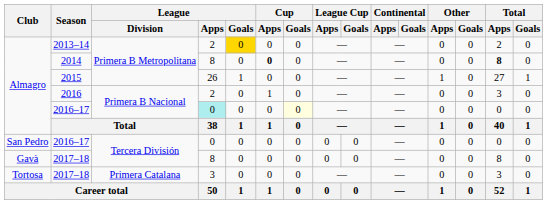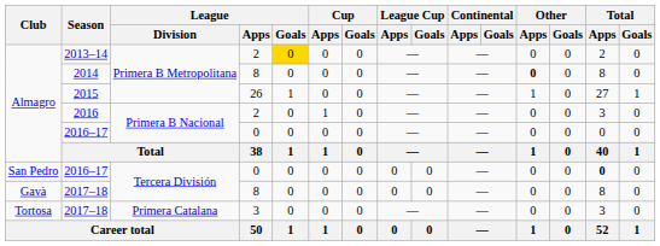 <table class="wikitable" style="text-align:center">
 <tr>
 <th rowspan="2">Club</th>
 <th rowspan="2">Season</th>
 <th colspan="3">League</th>
 <th colspan="2">Cup</th>
 <th colspan="2">League Cup</th>
 <th colspan="2">Continental</th>
 <th colspan="2">Other</th>
 <th colspan="2">Total</th>
 </tr>
 <tr>
 <th>Division</th>
 <th>Apps</th>
 <th>Goals</th>
 <th>Apps</th>
 <th>Goals</th>
 <th>Apps</th>
 <th>Goals</th>
 <th>Apps</th>
 <th>Goals</th>
 <th>Apps</th>
 <th>Goals</th>
 <th>Apps</th>
 <th>Goals</th>
 </tr>
 <tr>
 <td rowspan="6"><a href='#'>Almagro</a></td>
 <td><a href='#'>2013–14</a></td>
 <td rowspan="3"><a href='#'>Primera B Metropolitana</a></td>
 <td>2</td>
 <td style="background: gold;">0</td>
 <td>0</td>
 <td>0</td>
 <td colspan="2">—</td>
 <td colspan="2">—</td>
 <td>0</td>
 <td>0</td>
 <td>2</td>
 <td>0</td>
 </tr>
 <tr>
 <td><a href='#'>2014</a></td>
 <td>8</td>
 <td>0</td>
-<td><strong>0</strong></td>
+<td>0</td>
 <td>0</td>
 <td colspan="2">—</td>
 <td colspan="2">—</td>
+<td><strong>0</strong></td>
 <td>0</td>
-<td>0</td>
-<td><strong>8</strong></td>
+<td>8</td>
 <td>0</td>
 </tr>
 <tr>
 <td><a href='#'>2015</a></td>
 <td>26</td>
 <td>1</td>
 <td>0</td>
 <td>0</td>
 <td colspan="2">—</td>
 <td colspan="2">—</td>
 <td>1</td>
 <td>0</td>
 <td>27</td>
 <td>1</td>
 </tr>
 <tr>
 <td><a href='#'>2016</a></td>
 <td rowspan="2"><a href='#'>Primera B Nacional</a></td>
 <td>2</td>
 <td>0</td>
 <td>1</td>
 <td>0</td>
 <td colspan="2">—</td>
 <td colspan="2">—</td>
 <td>0</td>
 <td>0</td>
 <td>3</td>
 <td>0</td>
 </tr>
 <tr>
 <td><a href='#'>2016–17</a></td>
-<td style="background: paleturquoise;">0</td>
 <td>0</td>
 <td>0</td>
-<td style="background: lightyellow;">0</td>
+<td>0</td>
+<td>0</td>
 <td colspan="2">—</td>
 <td colspan="2">—</td>
 <td>0</td>
 <td>0</td>
 <td>0</td>
 <td>0</td>
 </tr>
 <tr>
 <th colspan="2">Total</th>
 <th>38</th>
 <th>1</th>
 <th>1</th>
 <th>0</th>
 <th colspan="2">—</th>
 <th colspan="2">—</th>
 <th>1</th>
 <th>0</th>
 <th>40</th>
 <th>1</th>
 </tr>
 <tr>
 <td rowspan="1"><a href='#'>San Pedro</a></td>
 <td><a href='#'>2016–17</a></td>
 <td rowspan="2"><a href='#'>Tercera División</a></td>
 <td>0</td>
 <td>0</td>
 <td>0</td>
 <td>0</td>
 <td>0</td>
 <td>0</td>
 <td colspan="2">—</td>
 <td>0</td>
 <td>0</td>
-<td>0</td>
+<td><strong>0</strong></td>
 <td>0</td>
 </tr>
 <tr>
 <td rowspan="1"><a href='#'>Gavà</a></td>
 <td><a href='#'>2017–18</a></td>
 <td>8</td>
 <td>0</td>
 <td>0</td>
 <td>0</td>
 <td>0</td>
 <td>0</td>
 <td colspan="2">—</td>
 <td>0</td>
 <td>0</td>
 <td>8</td>
 <td>0</td>
 </tr>
 <tr>
 <td rowspan="1"><a href='#'>Tortosa</a></td>
 <td><a href='#'>2017–18</a></td>
 <td rowspan="1"><a href='#'>Primera Catalana</a></td>
 <td>3</td>
 <td>0</td>
 <td>0</td>
 <td>0</td>
 <td colspan="2">—</td>
 <td colspan="2">—</td>
 <td>0</td>
 <td>0</td>
 <td>3</td>
 <td>0</td>
 </tr>
 <tr>
 <th colspan="3">Career total</th>
 <th>50</th>
 <th>1</th>
 <th>1</th>
 <th>0</th>
 <th>0</th>
 <th>0</th>
 <th colspan="2">—</th>
 <th>1</th>
 <th>0</th>
 <th>52</th>
 <th>1</th>
 </tr>
 </table>
